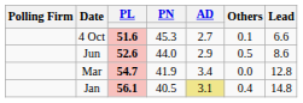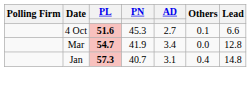 <table class="wikitable sortable" style="text-align:center;font-size:90%;line-height:14px;">
 <tr>
 <th rowspan="2">Polling Firm</th>
 <th rowspan="2">Date</th>
 <th style="width:40px;"><a href='#'>PL</a></th>
 <th style="width:40px;"><a href='#'>PN</a></th>
 <th style="width:40px;"><a href='#'>AD</a></th>
 <th style="width:40px;" rowspan="2">Others</th>
 <th style="width:30px;" rowspan="2">Lead</th>
 </tr>
 <tr>
 <th style="background:"></th>
 <th style="background:"></th>
 <th style="background:"></th>
 </tr>
 <tr>
 <td></td>
 <td>4 Oct</td>
 <td style="background:#F8C1BE"><strong>51.6</strong></td>
 <td>45.3</td>
 <td>2.7</td>
 <td>0.1</td>
 <td style="background:">6.6</td>
 </tr>
 <tr>
 <td></td>
-<td>Jun</td>
-<td style="background:#F8C1BE"><strong>52.6</strong></td>
-<td>44.0</td>
-<td>2.9</td>
-<td>0.5</td>
-<td style="background:">8.6</td>
-</tr>
-<tr>
-<td></td>
 <td>Mar</td>
 <td style="background:#F8C1BE"><strong>54.7</strong></td>
 <td>41.9</td>
 <td>3.4</td>
 <td>0.0</td>
 <td style="background:">12.8</td>
 </tr>
 <tr>
 <td></td>
 <td>Jan</td>
-<td style="background:#F8C1BE"><strong>56.1</strong></td>
-<td>40.5</td>
-<td style="background: khaki;">3.1</td>
+<td style="background:#F8C1BE"><strong>57.3</strong></td>
+<td>40.7</td>
+<td>3.1</td>
 <td>0.4</td>
 <td style="background:">14.8</td>
 </tr>
 </table>
